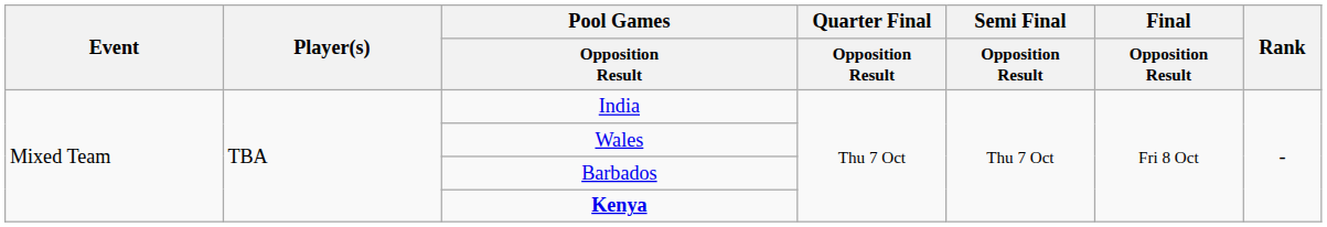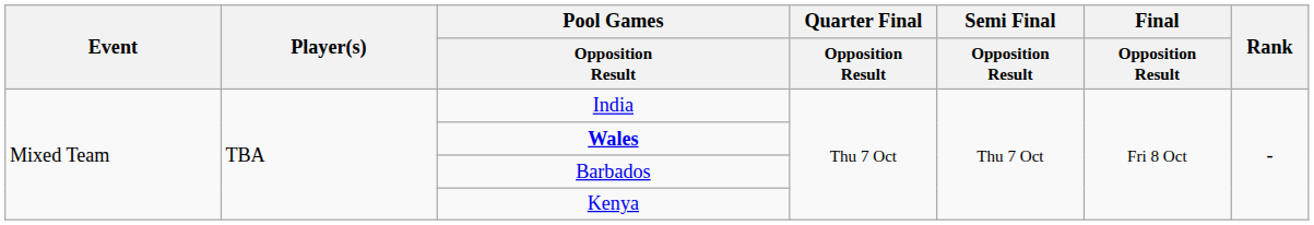 <table class=wikitable style="font-size:90%">
 <tr>
 <th rowspan="2" width=150>Event</th>
 <th rowspan="2" width=150>Player(s)</th>
 <th width=250>Pool Games</th>
 <th width=100>Quarter Final</th>
 <th width=100>Semi Final</th>
 <th width=100>Final</th>
 <th rowspan="2" width=50>Rank</th>
 </tr>
 <tr>
 <th style="line-height:1em"><small>Opposition<br>Result</small></th>
 <th style="line-height:1em"><small>Opposition<br>Result</small></th>
 <th style="line-height:1em"><small>Opposition<br>Result</small></th>
 <th style="line-height:1em"><small>Opposition<br>Result</small></th>
 </tr>
 <tr>
 <td rowspan=4>Mixed Team</td>
 <td rowspan=4>TBA</td>
 <td align="center"> <a href='#'>India</a></td>
 <td rowspan=4 align="center"><small>Thu 7 Oct</small></td>
 <td rowspan=4 align="center"><small>Thu 7 Oct</small></td>
 <td rowspan=4 align="center"><small>Fri 8 Oct</small></td>
 <td rowspan=4 align="center">-</td>
 </tr>
 <tr>
-<td align="center"> <a href='#'>Wales</a></td>
+<td align="center"><strong> <a href='#'>Wales</a></strong></td>
 </tr>
 <tr>
 <td align="center"> <a href='#'>Barbados</a></td>
 </tr>
 <tr>
-<td align="center"><strong> <a href='#'>Kenya</a></strong></td>
+<td align="center"> <a href='#'>Kenya</a></td>
 </tr>
 </table>
